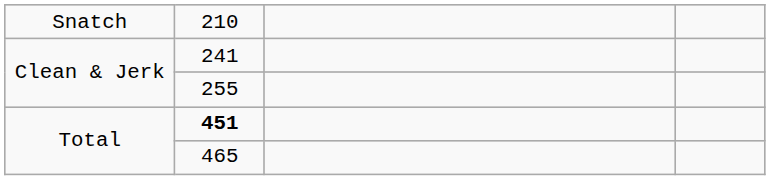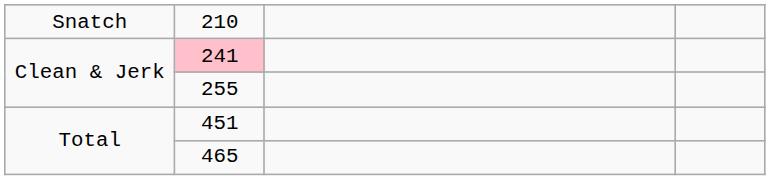 <table class = "wikitable" style="text-align:center;">
 <tr>
 <td width=100>Snatch</td>
 <td width=50>210</td>
 <td width=250 align=left></td>
 <td width=50></td>
 </tr>
 <tr>
 <td rowspan=2>Clean & Jerk</td>
-<td>241</td>
+<td style="background: pink;">241</td>
 <td align=left></td>
 <td></td>
 </tr>
 <tr>
 <td>255</td>
 <td align=left></td>
 <td></td>
 </tr>
 <tr>
 <td rowspan=2>Total</td>
-<td><strong>451</strong></td>
+<td>451</td>
 <td align=left></td>
 <td></td>
 </tr>
 <tr>
 <td>465</td>
 <td align=left></td>
 <td></td>
 </tr>
 </table>
